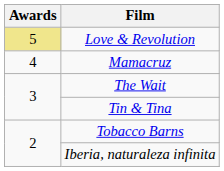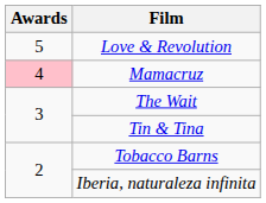 <table class="wikitable plainrowheaders" style="text-align:center;">
 <tr>
 <th scope="col" style="width:55px;">Awards</th>
 <th scope="col" style="text-align:center;">Film</th>
 </tr>
 <tr>
-<td scope=row style="background: khaki; text-align:center">5</td>
+<td scope=row style="text-align:center">5</td>
 <td><em><a href='#'>Love & Revolution</a></em></td>
 </tr>
 <tr>
-<td scope=row style="text-align:center">4</td>
+<td scope=row style="background: pink; text-align:center">4</td>
 <td><em><a href='#'>Mamacruz</a></em></td>
 </tr>
 <tr>
 <td rowspan = "2" scope="row" style="text-align:center">3</td>
 <td><em><a href='#'>The Wait</a></em></td>
 </tr>
 <tr>
 <td><em><a href='#'>Tin & Tina</a></em></td>
 </tr>
 <tr>
 <td rowspan = "2" scope="row" style="text-align:center">2</td>
 <td><em><a href='#'>Tobacco Barns</a></em></td>
 </tr>
 <tr>
 <td><em>Iberia, naturaleza infinita</em></td>
 </tr>
 </table>
